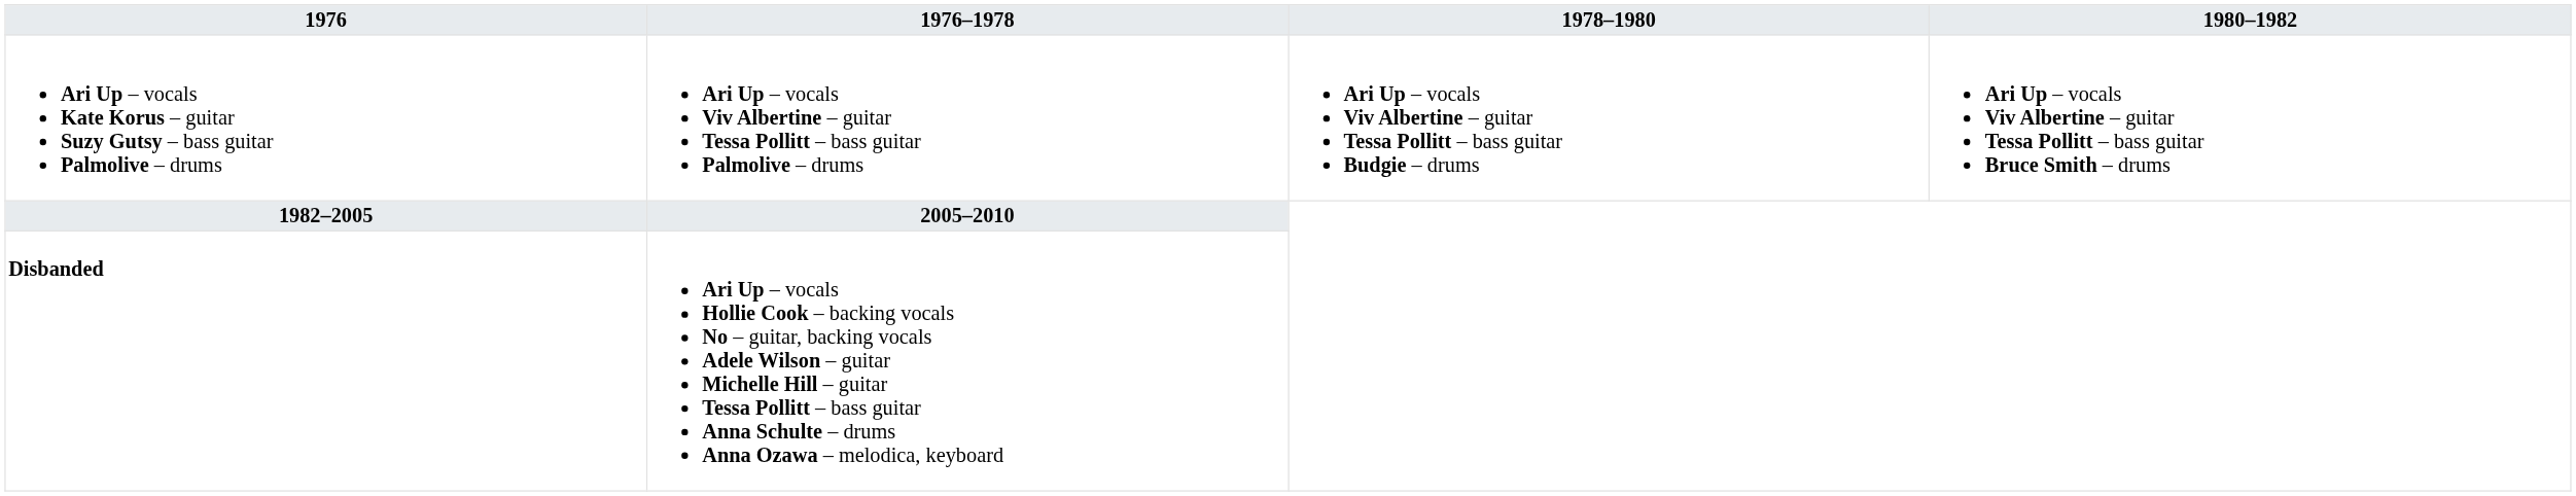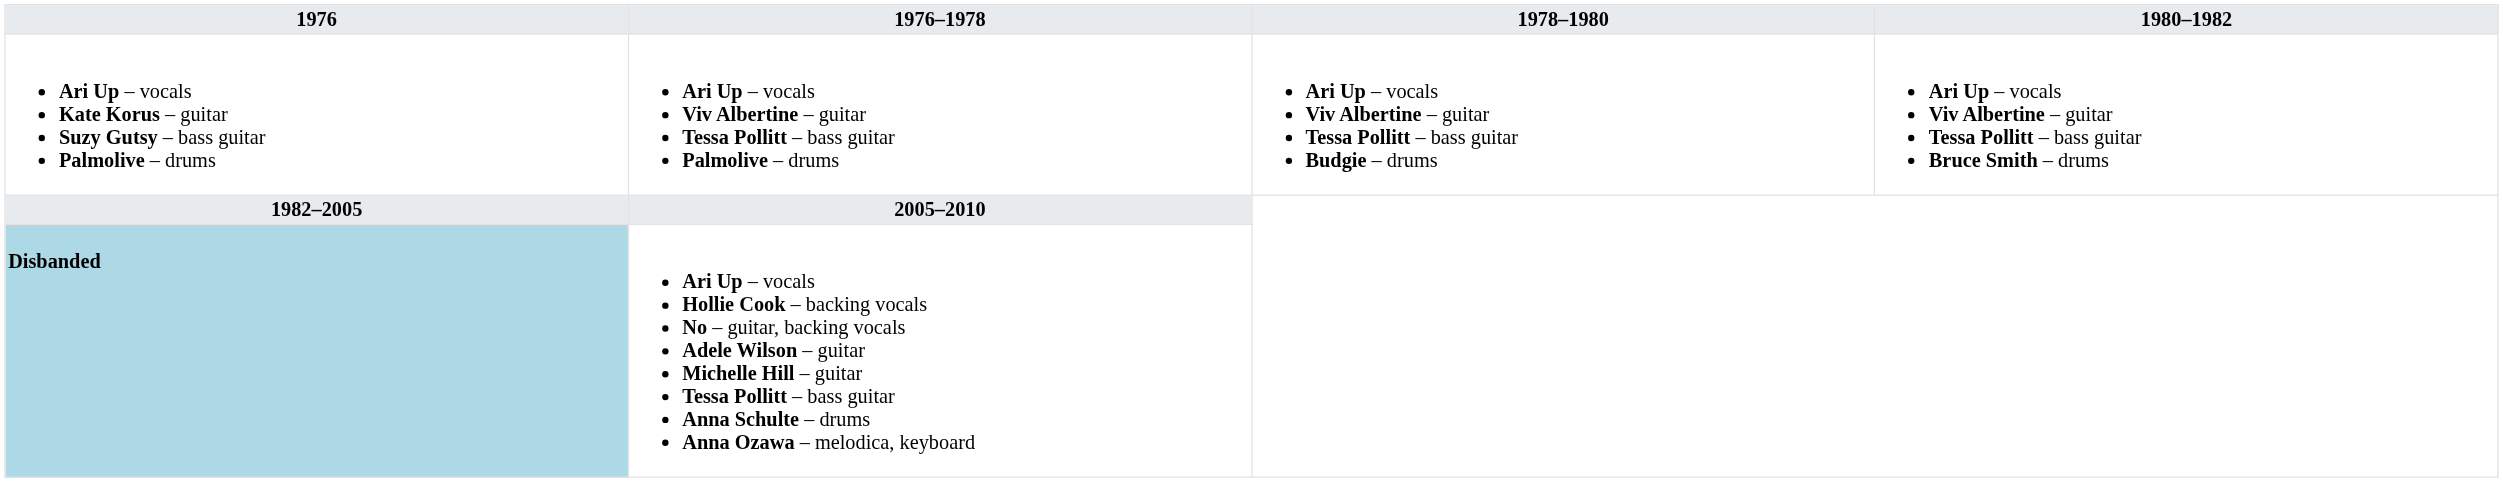 <table class="toccolours" border=1 cellpadding=2 cellspacing=0 style="float: width: 375px; margin: 0 0 1em 1em; border-collapse: collapse; border: 1px solid #E2E2E2;" width=99%>
 <tr>
 <th bgcolor="#E7EBEE" valign=top width=25%>1976</th>
 <th bgcolor="#E7EBEE" valign=top width=25%>1976–1978</th>
 <th bgcolor="#E7EBEE" valign=top width=25%>1978–1980</th>
 <th bgcolor="#E7EBEE" valign=top width=25%>1980–1982</th>
 </tr>
 <tr>
 <td valign=top><br><ul><li><strong>Ari Up</strong> – vocals</li><li><strong>Kate Korus</strong> – guitar</li><li><strong>Suzy Gutsy</strong> – bass guitar</li><li><strong>Palmolive</strong> – drums</li></ul></td>
 <td valign=top><br><ul><li><strong>Ari Up</strong> – vocals</li><li><strong>Viv Albertine</strong> – guitar</li><li><strong>Tessa Pollitt</strong> – bass guitar</li><li><strong>Palmolive</strong> – drums</li></ul></td>
 <td valign=top><br><ul><li><strong>Ari Up</strong> – vocals</li><li><strong>Viv Albertine</strong> – guitar</li><li><strong>Tessa Pollitt</strong> – bass guitar</li><li><strong>Budgie</strong> – drums</li></ul></td>
 <td valign=top><br><ul><li><strong>Ari Up</strong> – vocals</li><li><strong>Viv Albertine</strong> – guitar</li><li><strong>Tessa Pollitt</strong> – bass guitar</li><li><strong>Bruce Smith</strong> – drums</li></ul></td>
 </tr>
 <tr>
 <th bgcolor="#E7EBEE" valign=top width=25%>1982–2005</th>
 <th bgcolor="#E7EBEE" valign=top width=25%>2005–2010</th>
 </tr>
 <tr>
-<td valign=top><br><strong>Disbanded</strong></td>
+<td valign=top style="background: lightblue;"><br><strong>Disbanded</strong></td>
 <td valign=top><br><ul><li><strong>Ari Up</strong> – vocals</li><li><strong>Hollie Cook</strong> – backing vocals</li><li><strong>No</strong> – guitar, backing vocals</li><li><strong>Adele Wilson</strong> – guitar</li><li><strong>Michelle Hill</strong> – guitar</li><li><strong>Tessa Pollitt</strong> – bass guitar</li><li><strong>Anna Schulte</strong> – drums</li><li><strong>Anna Ozawa</strong> – melodica, keyboard</li></ul></td>
 </tr>
 </table>
